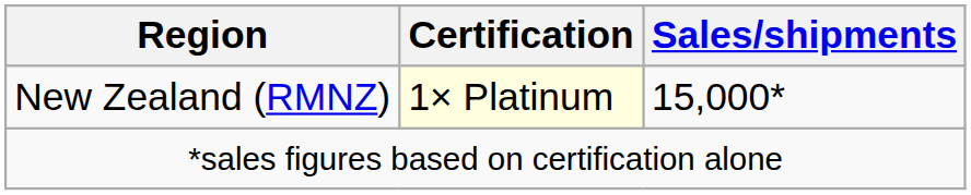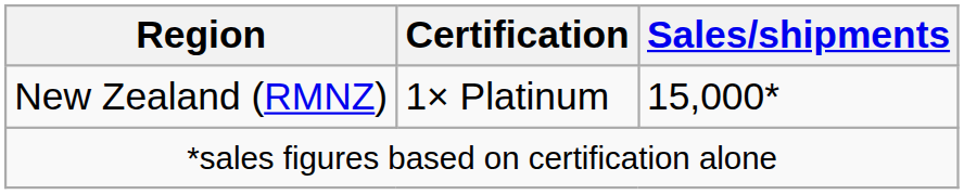 <table class="wikitable sortable">
 <tr>
 <th>Region</th>
 <th>Certification</th>
 <th><a href='#'>Sales/shipments</a></th>
 </tr>
 <tr>
 <td>New Zealand (<a href='#'>RMNZ</a>)</td>
-<td style="background: lightyellow;">1× Platinum</td>
+<td>1× Platinum</td>
 <td>15,000*</td>
 </tr>
 <tr>
 <td colspan="3" style="text-align:center;"><small>*sales figures based on certification alone</small></td>
 </tr>
 </table>
